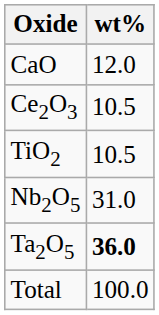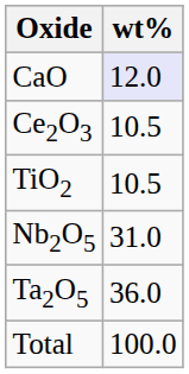 <table class="wikitable">
 <tr>
 <th>Oxide</th>
 <th>wt%</th>
 </tr>
 <tr>
 <td>CaO</td>
-<td>12.0</td>
+<td style="background: lavender;">12.0</td>
 </tr>
 <tr>
 <td>Ce<sub>2</sub>O<sub>3</sub></td>
 <td>10.5</td>
 </tr>
 <tr>
 <td>TiO<sub>2</sub></td>
 <td>10.5</td>
 </tr>
 <tr>
 <td>Nb<sub>2</sub>O<sub>5 </sub></td>
 <td>31.0</td>
 </tr>
 <tr>
 <td>Ta<sub>2</sub>O<sub>5</sub></td>
-<td><strong>36.0</strong></td>
+<td>36.0</td>
 </tr>
 <tr>
 <td>Total</td>
 <td>100.0</td>
 </tr>
 </table>
